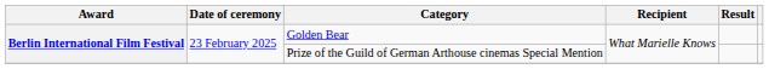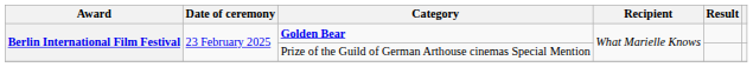 <table class="wikitable sortable plainrowheaders">
 <tr>
 <th>Award</th>
 <th>Date of ceremony</th>
 <th>Category</th>
 <th>Recipient</th>
 <th>Result</th>
 <th></th>
 </tr>
 <tr>
 <th scope="row" rowspan="2"><a href='#'>Berlin International Film Festival</a></th>
 <td rowspan="2"><a href='#'>23 February 2025</a></td>
-<td><a href='#'>Golden Bear</a></td>
+<td><strong><a href='#'>Golden Bear</a></strong></td>
 <td rowspan="2"><em>What Marielle Knows</em></td>
 <td></td>
 <td align="center"></td>
 </tr>
 <tr>
 <td>Prize of the Guild of German Arthouse cinemas Special Mention</td>
 <td></td>
 <td align="center"></td>
 </tr>
 <tr>
 </tr>
 </table>
